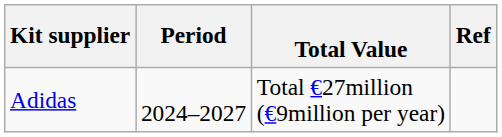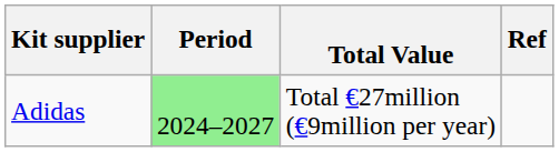 <table class="wikitable" style="text-align: left">
 <tr>
 <th>Kit supplier</th>
 <th>Period</th>
 <th><br> Total Value</th>
 <th>Ref</th>
 </tr>
 <tr>
 <td><div><a href='#'>Adidas</a></div></td>
-<td><div><br>2024–2027 </div></td>
+<td style="background: lightgreen;"><div><br>2024–2027 </div></td>
 <td>Total <a href='#'>€</a>27million <br>(<a href='#'>€</a>9million per year)</td>
 <td></td>
 </tr>
 </table>
